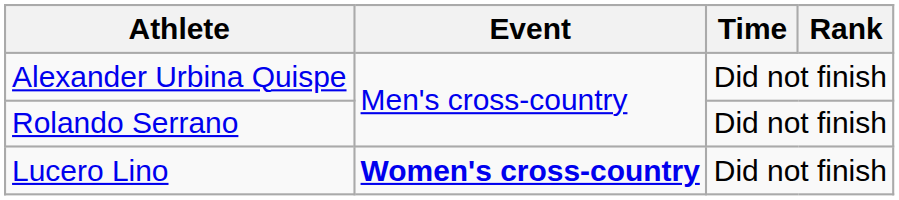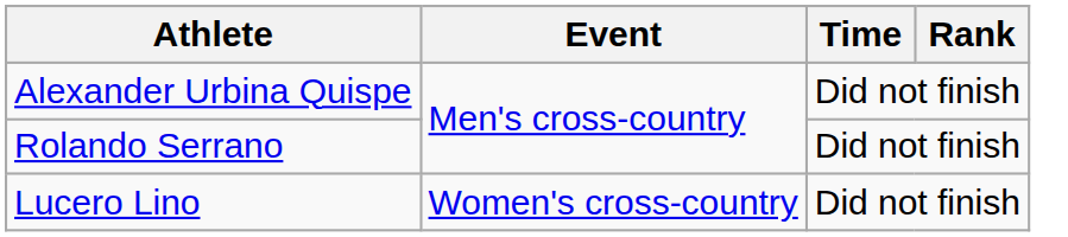 <table class="wikitable" style="font-size:90%;">
 <tr>
 <th>Athlete</th>
 <th>Event</th>
 <th>Time</th>
 <th>Rank</th>
 </tr>
 <tr style="text-align:center">
 <td align=left><a href='#'>Alexander Urbina Quispe</a></td>
 <td align=left rowspan=2><a href='#'>Men's cross-country</a></td>
 <td colspan=2>Did not finish</td>
 </tr>
 <tr align=center>
 <td align=left><a href='#'>Rolando Serrano</a></td>
 <td colspan=2>Did not finish</td>
 </tr>
 <tr align=center>
 <td align=left><a href='#'>Lucero Lino</a></td>
-<td align=left><strong><a href='#'>Women's cross-country</a></strong></td>
+<td align=left><a href='#'>Women's cross-country</a></td>
 <td colspan=2>Did not finish</td>
 </tr>
 </table>
